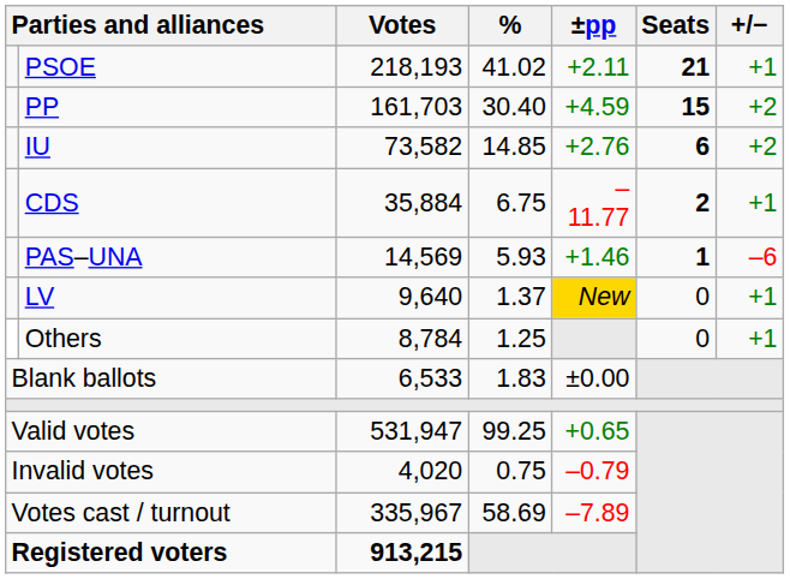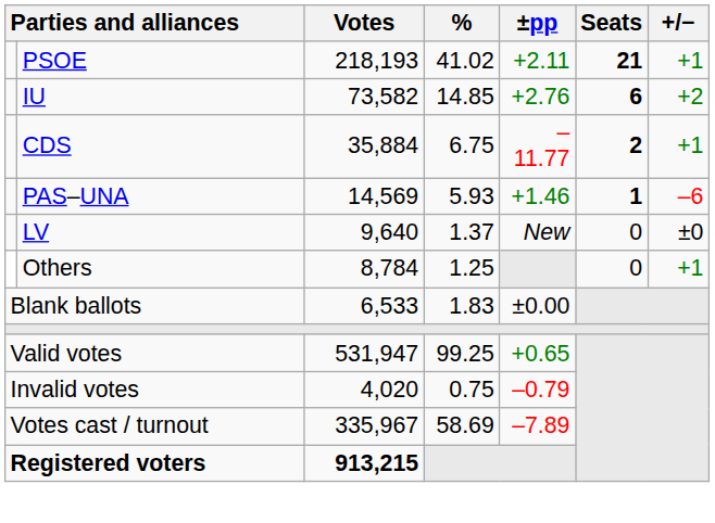 <table class="wikitable" style="text-align:right;">
 <tr>
 <th style="text-align:left;" colspan="2" width="200">Parties and alliances</th>
 <th width="75">Votes</th>
 <th width="45">%</th>
 <th width="45">±<a href='#'>pp</a></th>
 <th width="35">Seats</th>
 <th width="35">+/−</th>
 </tr>
 <tr>
 <td width="1" style="color:inherit;background:"></td>
 <td align="left"><a href='#'>PSOE</a></td>
 <td>218,193</td>
 <td>41.02</td>
 <td style="color:green;">+2.11</td>
 <td><strong>21</strong></td>
 <td style="color:green;">+1</td>
-</tr>
-<tr>
-<td style="color:inherit;background:"></td>
-<td align="left"><a href='#'>PP</a></td>
-<td>161,703</td>
-<td>30.40</td>
-<td style="color:green;">+4.59</td>
-<td><strong>15</strong></td>
-<td style="color:green;">+2</td>
 </tr>
 <tr>
 <td style="color:inherit;background:"></td>
 <td align="left"><a href='#'>IU</a></td>
 <td>73,582</td>
 <td>14.85</td>
 <td style="color:green;">+2.76</td>
 <td><strong>6</strong></td>
 <td style="color:green;">+2</td>
 </tr>
 <tr>
 <td style="color:inherit;background:"></td>
 <td align="left"><a href='#'>CDS</a></td>
 <td>35,884</td>
 <td>6.75</td>
 <td style="color:red;">–11.77</td>
 <td><strong>2</strong></td>
 <td style="color:green;">+1</td>
 </tr>
 <tr>
 <td style="color:inherit;background:"></td>
 <td align="left"><a href='#'>PAS</a>–<a href='#'>UNA</a></td>
 <td>14,569</td>
 <td>5.93</td>
 <td style="color:green;">+1.46</td>
 <td><strong>1</strong></td>
 <td style="color:red;">–6</td>
 </tr>
 <tr>
 <td style="color:inherit;background:"></td>
 <td align="left"><a href='#'>LV</a></td>
 <td>9,640</td>
 <td>1.37</td>
-<td style="background: gold;"><em>New</em></td>
+<td><em>New</em></td>
 <td>0</td>
-<td style="color:green;">+1</td>
+<td>±0</td>
 </tr>
 <tr>
 <td bgcolor="white"></td>
 <td align="left">Others</td>
 <td>8,784</td>
 <td>1.25</td>
 <td bgcolor="#E9E9E9"></td>
 <td>0</td>
 <td style="color:green;">+1</td>
 </tr>
 <tr>
 <td align="left" colspan="2">Blank ballots</td>
 <td>6,533</td>
 <td>1.83</td>
 <td>±0.00</td>
 <td bgcolor="#E9E9E9" colspan="2"></td>
 </tr>
 <tr>
 <td colspan="7" bgcolor="#E9E9E9"></td>
 </tr>
 <tr>
 <td align="left" colspan="2">Valid votes</td>
 <td>531,947</td>
 <td>99.25</td>
 <td style="color:green;">+0.65</td>
 <td bgcolor="#E9E9E9" colspan="2" rowspan="4"></td>
 </tr>
 <tr>
 <td align="left" colspan="2">Invalid votes</td>
 <td>4,020</td>
 <td>0.75</td>
 <td style="color:red;">–0.79</td>
 </tr>
 <tr>
 <td align="left" colspan="2">Votes cast / turnout</td>
 <td>335,967</td>
 <td>58.69</td>
 <td style="color:red;">–7.89</td>
 </tr>
 <tr style="font-weight:bold;">
 <td align="left" colspan="2">Registered voters</td>
 <td>913,215</td>
 <td bgcolor="#E9E9E9" colspan="2"></td>
 </tr>
 </table>
